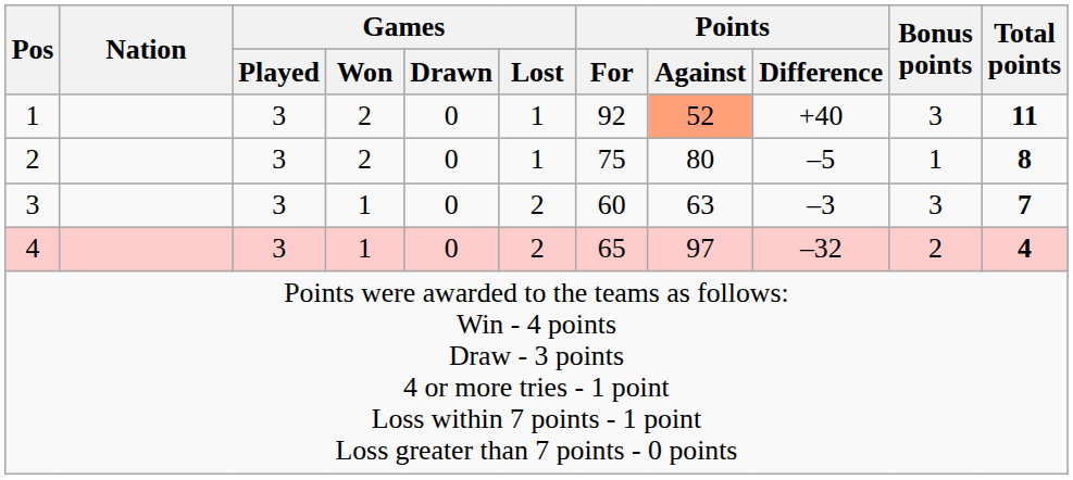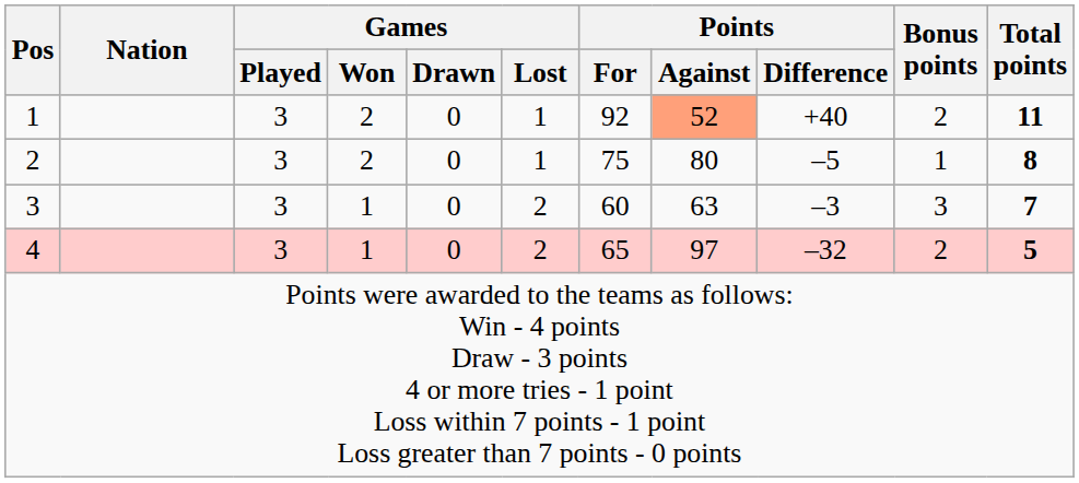 <table class="wikitable" style="text-align:center">
 <tr>
 <th rowspan="2" style="width:5%;">Pos</th>
 <th rowspan="2" style="width:22%;">Nation</th>
 <th colspan="4" style="width:32%;">Games</th>
 <th colspan="3" style="width:32%;">Points</th>
 <th rowspan="2" style="width:9%;">Bonus<br>points</th>
 <th rowspan="2" style="width:9%;">Total<br>points</th>
 </tr>
 <tr>
 <th style="width:8%;">Played</th>
 <th style="width:8%;">Won</th>
 <th style="width:8%;">Drawn</th>
 <th style="width:8%;">Lost</th>
 <th style="width:8%;">For</th>
 <th style="width:8%;">Against</th>
 <th style="width:8%;">Difference</th>
 </tr>
 <tr>
 <td>1</td>
 <td align="left"></td>
 <td>3</td>
 <td>2</td>
 <td>0</td>
 <td>1</td>
 <td>92</td>
 <td style="background: lightsalmon;">52</td>
 <td>+40</td>
-<td>3</td>
+<td>2</td>
 <td><strong>11</strong></td>
 </tr>
 <tr>
 <td>2</td>
 <td align="left"></td>
 <td>3</td>
 <td>2</td>
 <td>0</td>
 <td>1</td>
 <td>75</td>
 <td>80</td>
 <td>–5</td>
 <td>1</td>
 <td><strong>8</strong></td>
 </tr>
 <tr>
 <td>3</td>
 <td align="left"></td>
 <td>3</td>
 <td>1</td>
 <td>0</td>
 <td>2</td>
 <td>60</td>
 <td>63</td>
 <td>–3</td>
 <td>3</td>
 <td><strong>7</strong></td>
 </tr>
 <tr bgcolor="#ffcccc">
 <td>4</td>
 <td align="left"></td>
 <td>3</td>
 <td>1</td>
 <td>0</td>
 <td>2</td>
 <td>65</td>
 <td>97</td>
 <td>–32</td>
 <td>2</td>
-<td><strong>4</strong></td>
+<td><strong>5</strong></td>
 </tr>
 <tr>
 <td colspan="100%" style="text-align:center;">Points were awarded to the teams as follows:<br>Win - 4 points<br>Draw - 3 points<br> 4 or more tries - 1 point<br> Loss within 7 points - 1 point<br>Loss greater than 7 points - 0 points</td>
 </tr>
 </table>
